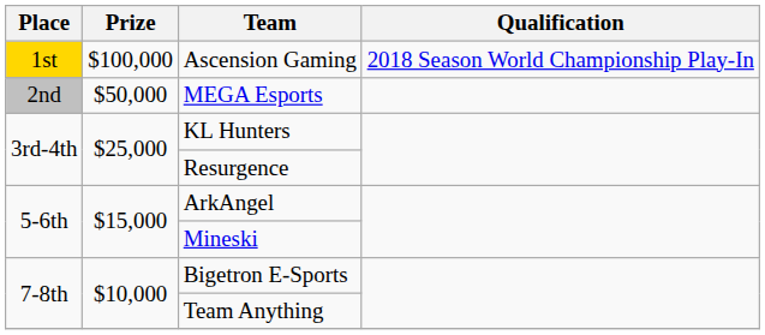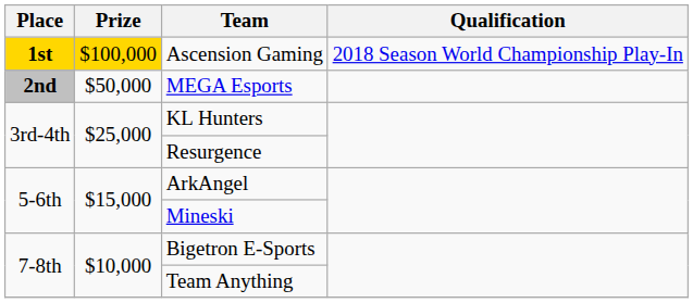 <table class="wikitable" style="text-align:left">
 <tr>
 <th style="text-align:center"><strong>Place</strong></th>
 <th style="text-align:center"><strong>Prize</strong></th>
 <th style="text-align:center"><strong>Team</strong></th>
 <th style="text-align:center"><strong>Qualification</strong></th>
 </tr>
 <tr>
-<td style="text-align:center; background:gold;">1st</td>
-<td style="text-align:center">$100,000</td>
+<td style="text-align:center; background:gold;"><strong>1st</strong></td>
+<td style="background: gold; text-align:center">$100,000</td>
 <td> Ascension Gaming</td>
 <td style="text-align:center"><a href='#'>2018 Season World Championship Play-In</a></td>
 </tr>
 <tr>
-<td style="text-align:center; background:silver;">2nd</td>
+<td style="text-align:center; background:silver;"><strong>2nd</strong></td>
 <td style="text-align:center">$50,000</td>
 <td> <a href='#'>MEGA Esports</a></td>
 <td style="text-align:center"></td>
 </tr>
 <tr>
 <td rowspan="2" style="text-align:center">3rd-4th</td>
 <td rowspan="2" style="text-align:center">$25,000</td>
 <td> KL Hunters</td>
 <td rowspan="2" style="text-align:center"></td>
 </tr>
 <tr>
 <td> Resurgence</td>
 </tr>
 <tr>
 <td rowspan="2" style="text-align:center">5-6th</td>
 <td rowspan="2" style="text-align:center">$15,000</td>
 <td> ArkAngel</td>
 <td rowspan="2" style="text-align:center"></td>
 </tr>
 <tr>
 <td> <a href='#'>Mineski</a></td>
 </tr>
 <tr>
 <td rowspan="2" style="text-align:center">7-8th</td>
 <td rowspan="2" style="text-align:center">$10,000</td>
 <td> Bigetron E-Sports</td>
 <td rowspan="2" style="text-align:center"></td>
 </tr>
 <tr>
 <td> Team Anything</td>
 </tr>
 <tr>
 </tr>
 </table>
